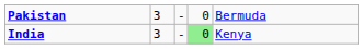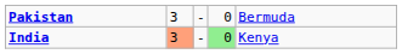 <table class="wikitable">
 <tr>
 <td width=150> <strong><a href='#'>Pakistan</a></strong></td>
 <td style="width:20px; text-align:left;">3</td>
 <td>-</td>
 <td style="width:20px; text-align:right;">0</td>
 <td width=150> <a href='#'>Bermuda</a></td>
 </tr>
 <tr>
 <td> <strong><a href='#'>India</a></strong></td>
-<td style="text-align:left;">3</td>
+<td style="background: lightsalmon; text-align:left;">3</td>
 <td>-</td>
 <td style="background: lightgreen; text-align:right;">0</td>
 <td> <a href='#'>Kenya</a></td>
 </tr>
 </table>
